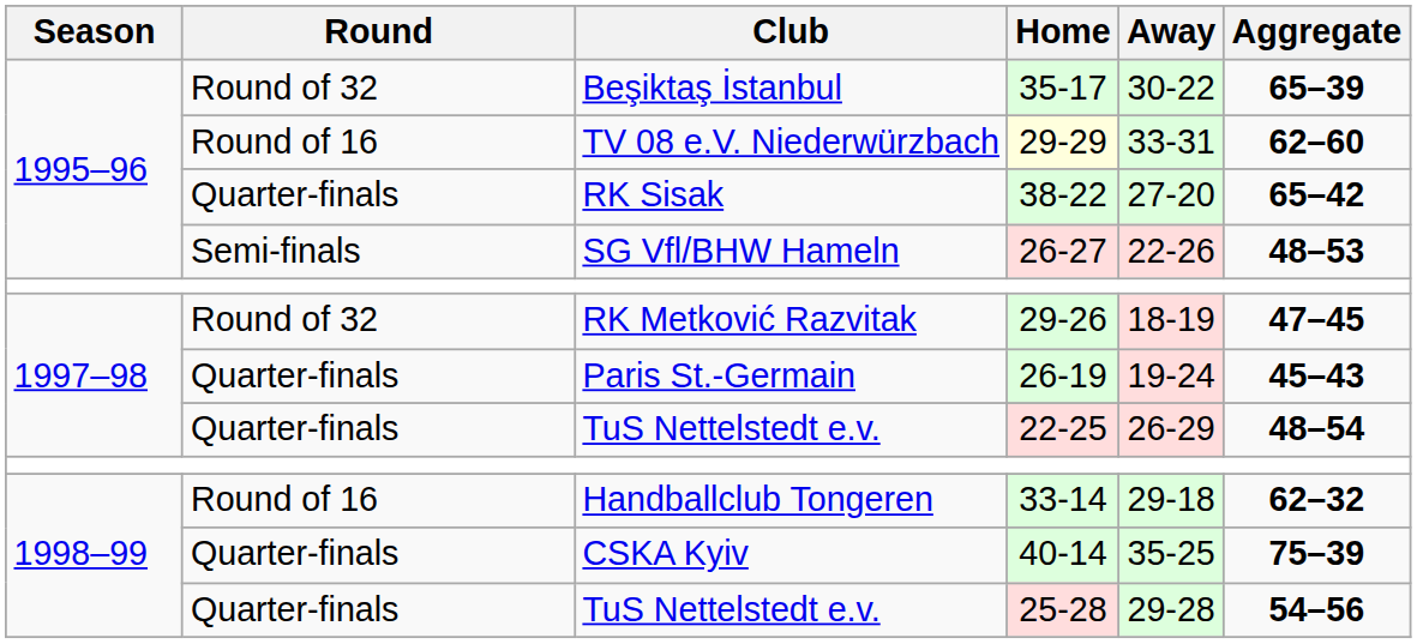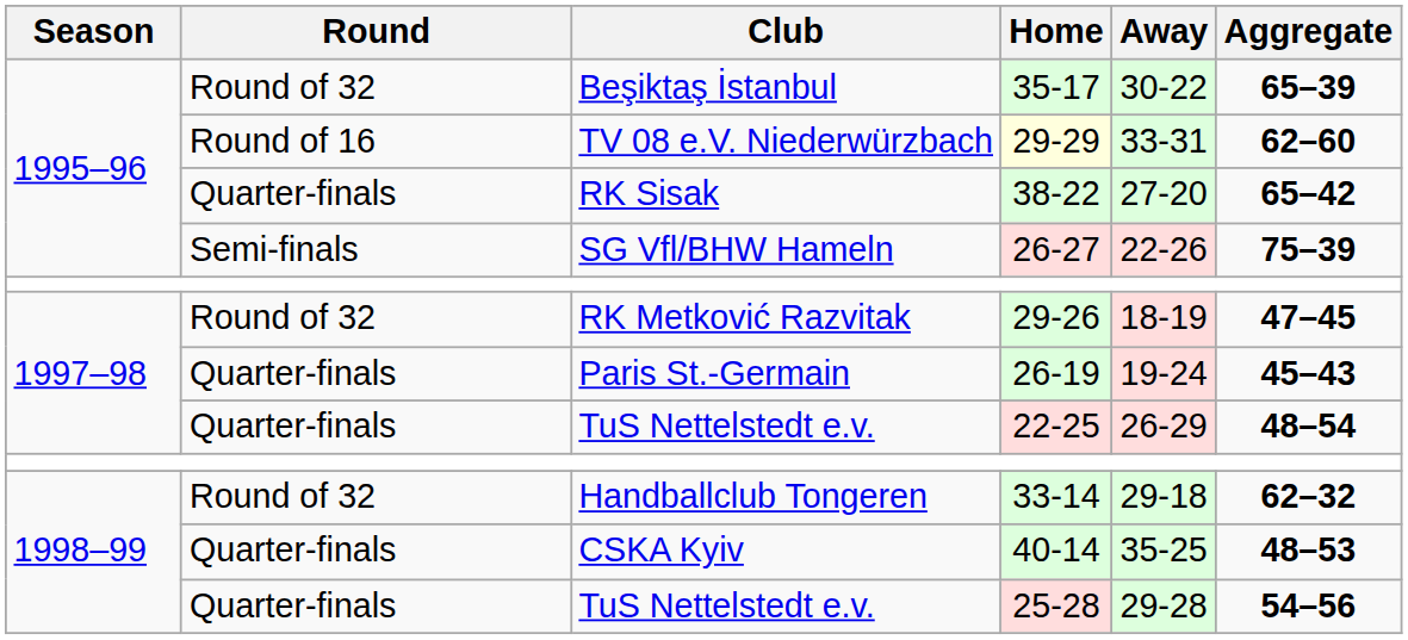 <table class="wikitable">
 <tr>
 <th width=75>Season</th>
 <th width=175>Round</th>
 <th>Club</th>
 <th>Home</th>
 <th>Away</th>
 <th>Aggregate</th>
 </tr>
 <tr>
 <td rowspan=4><a href='#'>1995–96</a></td>
 <td>Round of 32</td>
 <td> <a href='#'>Beşiktaş İstanbul</a></td>
 <td style="text-align:center; background:#dfd;">35-17</td>
 <td style="text-align:center; background:#dfd;">30-22</td>
 <td style="text-align:center;"><strong>65–39</strong></td>
 </tr>
 <tr>
 <td>Round of 16</td>
 <td> <a href='#'>TV 08 e.V. Niederwürzbach</a></td>
 <td style="text-align:center; background:#ffd;">29-29</td>
 <td style="text-align:center; background:#dfd;">33-31</td>
 <td style="text-align:center;"><strong>62–60</strong></td>
 </tr>
 <tr>
 <td>Quarter-finals</td>
 <td> <a href='#'>RK Sisak</a></td>
 <td style="text-align:center; background:#dfd;">38-22</td>
 <td style="text-align:center; background:#dfd;">27-20</td>
 <td style="text-align:center;"><strong>65–42</strong></td>
 </tr>
 <tr>
 <td>Semi-finals</td>
 <td> <a href='#'>SG Vfl/BHW Hameln</a></td>
 <td style="text-align:center; background:#fdd;">26-27</td>
 <td style="text-align:center; background:#fdd;">22-26</td>
-<td style="text-align:center;"><strong>48–53</strong></td>
+<td style="text-align:center;"><strong>75–39</strong></td>
 </tr>
 <tr>
 <td colspan=7 style="text-align: center;" bgcolor=white></td>
 </tr>
 <tr>
 <td rowspan=3><a href='#'>1997–98</a></td>
 <td>Round of 32</td>
 <td> <a href='#'>RK Metković Razvitak</a></td>
 <td style="text-align:center; background:#dfd;">29-26</td>
 <td style="text-align:center; background:#fdd;">18-19</td>
 <td style="text-align:center;"><strong>47–45</strong></td>
 </tr>
 <tr>
 <td>Quarter-finals</td>
 <td> <a href='#'>Paris St.-Germain</a></td>
 <td style="text-align:center; background:#dfd;">26-19</td>
 <td style="text-align:center; background:#fdd;">19-24</td>
 <td style="text-align:center;"><strong>45–43</strong></td>
 </tr>
 <tr>
 <td>Quarter-finals</td>
 <td> <a href='#'>TuS Nettelstedt e.v.</a></td>
 <td style="text-align:center; background:#fdd;">22-25</td>
 <td style="text-align:center; background:#fdd;">26-29</td>
 <td style="text-align:center;"><strong>48–54</strong></td>
 </tr>
 <tr>
 <td colspan=7 style="text-align: center;" bgcolor=white></td>
 </tr>
 <tr>
 <td rowspan=3><a href='#'>1998–99</a></td>
-<td>Round of 16</td>
+<td>Round of 32</td>
 <td> <a href='#'>Handballclub Tongeren</a></td>
 <td style="text-align:center; background:#dfd;">33-14</td>
 <td style="text-align:center; background:#dfd;">29-18</td>
 <td style="text-align:center;"><strong>62–32</strong></td>
 </tr>
 <tr>
 <td>Quarter-finals</td>
 <td> <a href='#'>CSKA Kyiv</a></td>
 <td style="text-align:center; background:#dfd;">40-14</td>
 <td style="text-align:center; background:#dfd;">35-25</td>
-<td style="text-align:center;"><strong>75–39</strong></td>
+<td style="text-align:center;"><strong>48–53</strong></td>
 </tr>
 <tr>
 <td>Quarter-finals</td>
 <td> <a href='#'>TuS Nettelstedt e.v.</a></td>
 <td style="text-align:center; background:#fdd;">25-28</td>
 <td style="text-align:center; background:#dfd;">29-28</td>
 <td style="text-align:center;"><strong>54–56</strong></td>
 </tr>
 </table>
